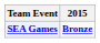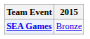 <table class="wikitable" style="font-size: 90%; text-align:center">
 <tr>
 <th>Team Event</th>
 <th>2015</th>
 </tr>
 <tr>
 <td bgcolor="#ECF2FF"; align="left"><strong><a href='#'>SEA Games</a></strong></td>
-<td><strong> <a href='#'>Bronze</a></strong></td>
+<td> <a href='#'>Bronze</a></td>
 </tr>
 </table>
